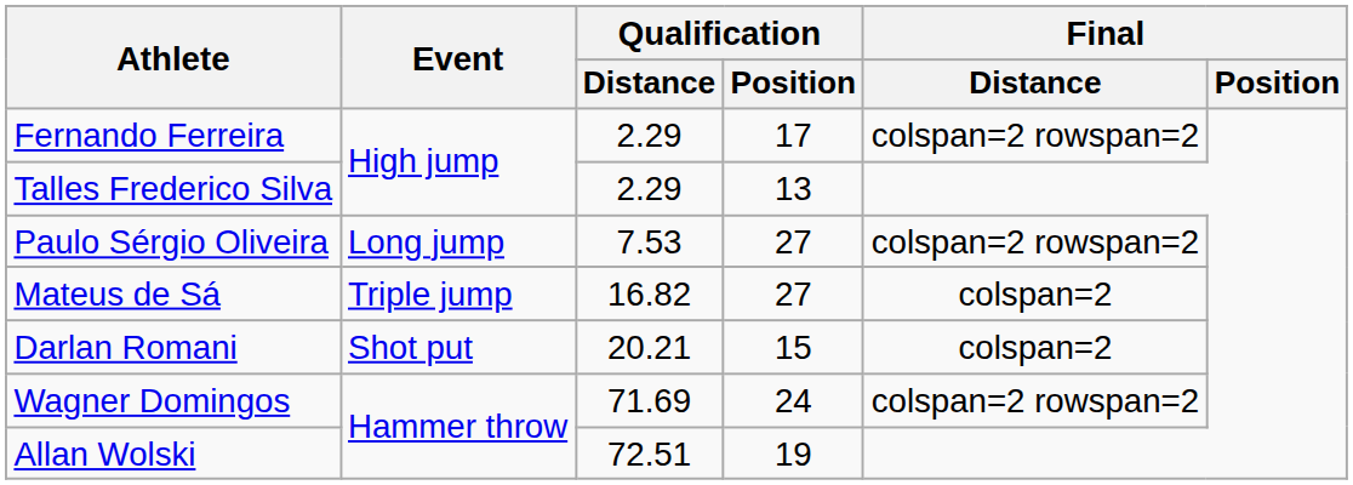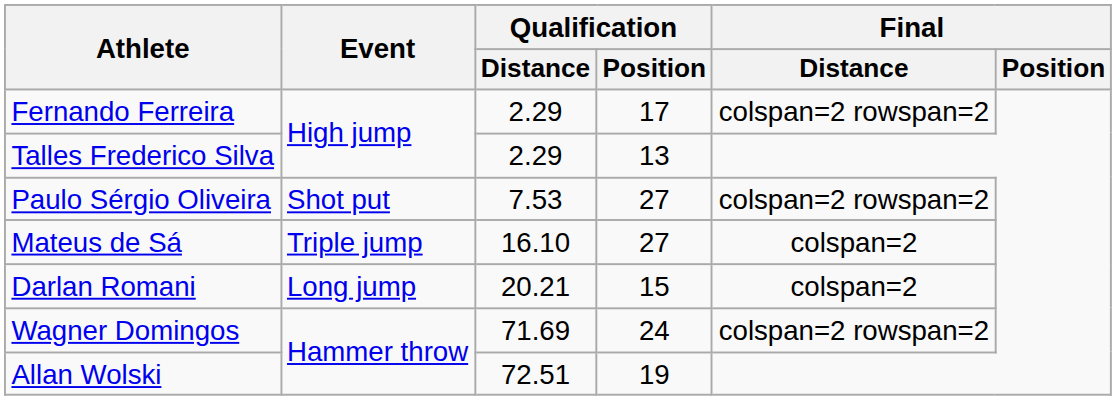 <table class=wikitable style=font-size:90%>
 <tr>
 <th rowspan=2>Athlete</th>
 <th rowspan=2>Event</th>
 <th colspan=2>Qualification</th>
 <th colspan=2>Final</th>
 </tr>
 <tr style=font-size:95%>
 <th>Distance</th>
 <th>Position</th>
 <th>Distance</th>
 <th>Position</th>
 </tr>
 <tr align=center>
 <td align=left><a href='#'>Fernando Ferreira</a></td>
 <td align=left rowspan=2><a href='#'>High jump</a></td>
 <td>2.29</td>
 <td>17</td>
 <td>colspan=2 rowspan=2 </td>
 </tr>
 <tr align=center>
 <td align=left><a href='#'>Talles Frederico Silva</a></td>
 <td>2.29</td>
 <td>13</td>
 </tr>
 <tr align=center>
 <td align=left><a href='#'>Paulo Sérgio Oliveira</a></td>
-<td align=left><a href='#'>Long jump</a></td>
+<td align=left><a href='#'>Shot put</a></td>
 <td>7.53</td>
 <td>27</td>
 <td>colspan=2 rowspan=2 </td>
 </tr>
 <tr align=center>
 <td align=left><a href='#'>Mateus de Sá</a></td>
 <td align=left><a href='#'>Triple jump</a></td>
-<td>16.82</td>
+<td>16.10</td>
 <td>27</td>
 <td>colspan=2 </td>
 </tr>
 <tr align=center>
 <td align=left><a href='#'>Darlan Romani</a></td>
-<td align=left><a href='#'>Shot put</a></td>
+<td align=left><a href='#'>Long jump</a></td>
 <td>20.21</td>
 <td>15</td>
 <td>colspan=2 </td>
 </tr>
 <tr align=center>
 <td align=left><a href='#'>Wagner Domingos</a></td>
 <td align=left  rowspan=2><a href='#'>Hammer throw</a></td>
 <td>71.69</td>
 <td>24</td>
 <td>colspan=2 rowspan=2 </td>
 </tr>
 <tr align=center>
 <td align=left><a href='#'>Allan Wolski</a></td>
 <td>72.51</td>
 <td>19</td>
 </tr>
 </table>
